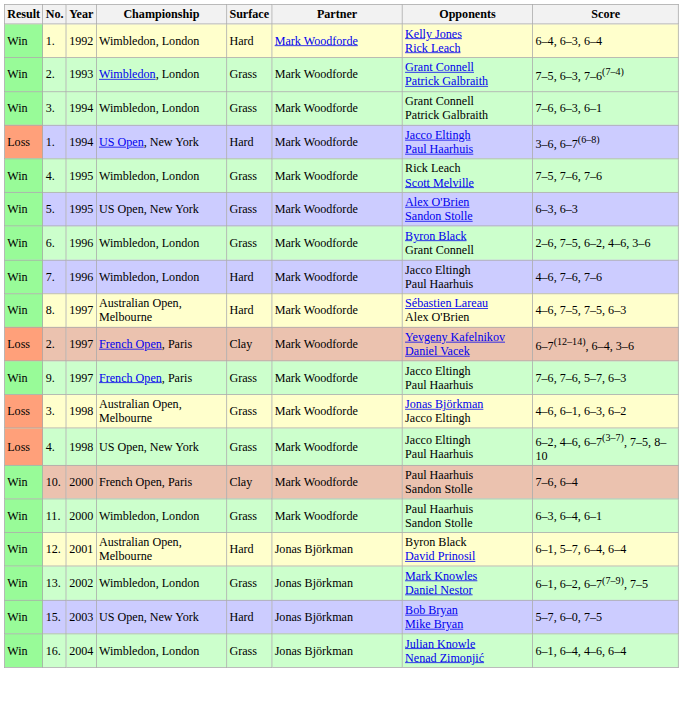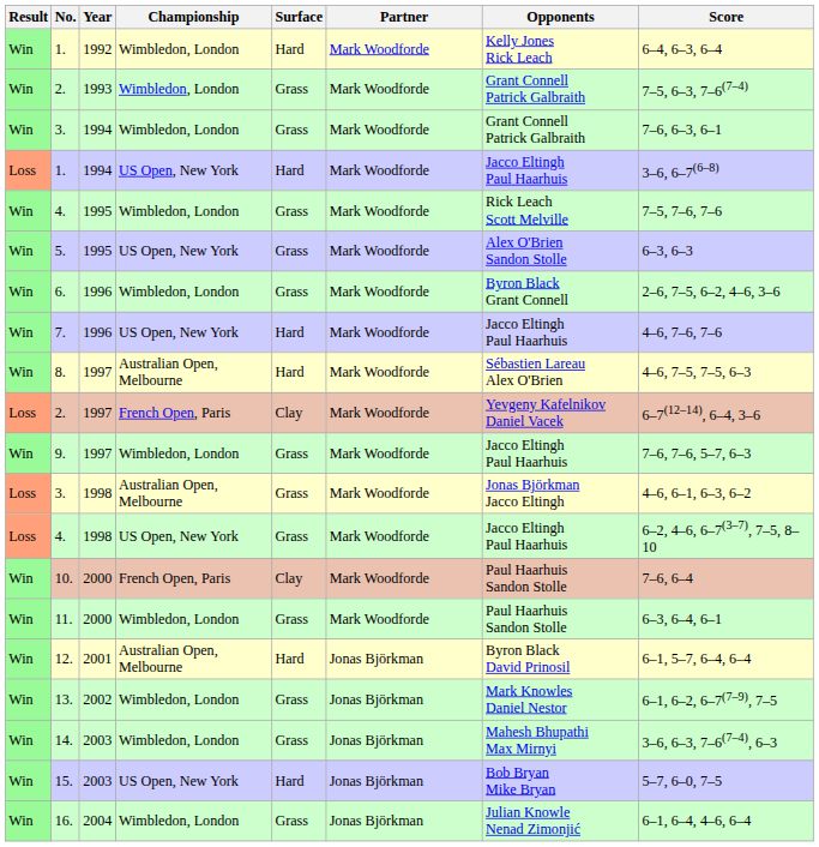 <table class="sortable wikitable" style=font-size:97%>
 <tr>
 <th>Result</th>
 <th>No.</th>
 <th>Year</th>
 <th style="width:160px">Championship</th>
 <th>Surface</th>
 <th style="width:160px">Partner</th>
 <th style="width:160px">Opponents</th>
 <th style="width:180px" class="unsortable">Score</th>
 </tr>
 <tr style="background:#ffffcc;">
 <td style="background:#98fb98;">Win</td>
 <td>1.</td>
 <td>1992</td>
 <td>Wimbledon, London</td>
 <td>Hard</td>
 <td> <a href='#'>Mark Woodforde</a></td>
 <td> <a href='#'>Kelly Jones</a><br> <a href='#'>Rick Leach</a></td>
 <td>6–4, 6–3, 6–4</td>
 </tr>
 <tr style="background:#ccffcc;">
 <td style="background:#98fb98;">Win</td>
 <td>2.</td>
 <td>1993</td>
 <td><a href='#'>Wimbledon</a>, London</td>
 <td>Grass</td>
 <td> Mark Woodforde</td>
 <td> <a href='#'>Grant Connell</a><br> <a href='#'>Patrick Galbraith</a></td>
 <td>7–5, 6–3, 7–6<sup>(7–4)</sup></td>
 </tr>
 <tr style="background:#ccffcc;">
 <td style="background:#98fb98;">Win</td>
 <td>3.</td>
 <td>1994</td>
 <td>Wimbledon, London</td>
 <td>Grass</td>
 <td> Mark Woodforde</td>
 <td> Grant Connell<br> Patrick Galbraith</td>
 <td>7–6, 6–3, 6–1</td>
 </tr>
 <tr style="background:#ccccff;">
 <td style="background:#ffa07a;">Loss</td>
 <td>1.</td>
 <td>1994</td>
 <td><a href='#'>US Open</a>, New York</td>
 <td>Hard</td>
 <td> Mark Woodforde</td>
 <td> <a href='#'>Jacco Eltingh</a><br> <a href='#'>Paul Haarhuis</a></td>
 <td>3–6, 6–7<sup>(6–8)</sup></td>
 </tr>
 <tr style="background:#ccffcc;">
 <td style="background:#98fb98;">Win</td>
 <td>4.</td>
 <td>1995</td>
 <td>Wimbledon, London</td>
 <td>Grass</td>
 <td> Mark Woodforde</td>
 <td> Rick Leach<br> <a href='#'>Scott Melville</a></td>
 <td>7–5, 7–6, 7–6</td>
 </tr>
 <tr style="background:#ccccff;">
 <td style="background:#98fb98;">Win</td>
 <td>5.</td>
 <td>1995</td>
 <td>US Open, New York</td>
 <td>Grass</td>
 <td> Mark Woodforde</td>
 <td> <a href='#'>Alex O'Brien</a><br> <a href='#'>Sandon Stolle</a></td>
 <td>6–3, 6–3</td>
 </tr>
 <tr style="background:#ccffcc;">
 <td style="background:#98fb98;">Win</td>
 <td>6.</td>
 <td>1996</td>
 <td>Wimbledon, London</td>
 <td>Grass</td>
 <td> Mark Woodforde</td>
 <td> <a href='#'>Byron Black</a><br> Grant Connell</td>
 <td>2–6, 7–5, 6–2, 4–6, 3–6</td>
 </tr>
 <tr style="background:#ccccff;">
 <td style="background:#98fb98;">Win</td>
 <td>7.</td>
 <td>1996</td>
-<td>Wimbledon, London</td>
+<td>US Open, New York</td>
 <td>Hard</td>
 <td> Mark Woodforde</td>
 <td> Jacco Eltingh<br> Paul Haarhuis</td>
 <td>4–6, 7–6, 7–6</td>
 </tr>
 <tr style="background:#ffffcc;">
 <td style="background:#98fb98;">Win</td>
 <td>8.</td>
 <td>1997</td>
 <td>Australian Open, Melbourne</td>
 <td>Hard</td>
 <td> Mark Woodforde</td>
 <td> <a href='#'>Sébastien Lareau</a><br> Alex O'Brien</td>
 <td>4–6, 7–5, 7–5, 6–3</td>
 </tr>
 <tr bgcolor=EBC2AF>
 <td style="background:#ffa07a;">Loss</td>
 <td>2.</td>
 <td>1997</td>
 <td><a href='#'>French Open</a>, Paris</td>
 <td>Clay</td>
 <td> Mark Woodforde</td>
 <td> <a href='#'>Yevgeny Kafelnikov</a><br> <a href='#'>Daniel Vacek</a></td>
 <td>6–7<sup>(12–14)</sup>, 6–4, 3–6</td>
 </tr>
 <tr style="background:#ccffcc;">
 <td style="background:#98fb98;">Win</td>
 <td>9.</td>
 <td>1997</td>
-<td><a href='#'>French Open</a>, Paris</td>
+<td>Wimbledon, London</td>
 <td>Grass</td>
 <td> Mark Woodforde</td>
 <td> Jacco Eltingh<br> Paul Haarhuis</td>
 <td>7–6, 7–6, 5–7, 6–3</td>
 </tr>
 <tr style="background:#ffffcc;">
 <td style="background:#ffa07a;">Loss</td>
 <td>3.</td>
 <td>1998</td>
 <td>Australian Open, Melbourne</td>
 <td>Grass</td>
 <td> Mark Woodforde</td>
 <td> <a href='#'>Jonas Björkman</a><br> Jacco Eltingh</td>
 <td>4–6, 6–1, 6–3, 6–2</td>
 </tr>
 <tr style="background:#ccffcc;">
 <td style="background:#ffa07a;">Loss</td>
 <td>4.</td>
 <td>1998</td>
 <td>US Open, New York</td>
 <td>Grass</td>
 <td> Mark Woodforde</td>
 <td> Jacco Eltingh<br> Paul Haarhuis</td>
 <td>6–2, 4–6, 6–7<sup>(3–7)</sup>, 7–5, 8–10</td>
 </tr>
 <tr bgcolor=EBC2AF>
 <td style="background:#98fb98;">Win</td>
 <td>10.</td>
 <td>2000</td>
 <td>French Open, Paris</td>
 <td>Clay</td>
 <td> Mark Woodforde</td>
 <td> Paul Haarhuis<br> Sandon Stolle</td>
 <td>7–6, 6–4</td>
 </tr>
 <tr style="background:#ccffcc;">
 <td style="background:#98fb98;">Win</td>
 <td>11.</td>
 <td>2000</td>
 <td>Wimbledon, London</td>
 <td>Grass</td>
 <td> Mark Woodforde</td>
 <td> Paul Haarhuis<br> Sandon Stolle</td>
 <td>6–3, 6–4, 6–1</td>
 </tr>
 <tr style="background:#ffffcc;">
 <td style="background:#98fb98;">Win</td>
 <td>12.</td>
 <td>2001</td>
 <td>Australian Open, Melbourne</td>
 <td>Hard</td>
 <td> Jonas Björkman</td>
 <td> Byron Black<br> <a href='#'>David Prinosil</a></td>
 <td>6–1, 5–7, 6–4, 6–4</td>
 </tr>
 <tr style="background:#ccffcc;">
 <td style="background:#98fb98;">Win</td>
 <td>13.</td>
 <td>2002</td>
 <td>Wimbledon, London</td>
 <td>Grass</td>
 <td> Jonas Björkman</td>
 <td> <a href='#'>Mark Knowles</a><br> <a href='#'>Daniel Nestor</a></td>
 <td>6–1, 6–2, 6–7<sup>(7–9)</sup>, 7–5</td>
 </tr>
+<tr style="background:#ccffcc;">
+<td style="background:#98fb98;">Win</td>
+<td>14.</td>
+<td>2003</td>
+<td>Wimbledon, London</td>
+<td>Grass</td>
+<td> Jonas Björkman</td>
+<td> <a href='#'>Mahesh Bhupathi</a><br> <a href='#'>Max Mirnyi</a></td>
+<td>3–6, 6–3, 7–6<sup>(7–4)</sup>, 6–3</td>
+</tr>
 <tr style="background:#ccccff;">
 <td style="background:#98fb98;">Win</td>
 <td>15.</td>
 <td>2003</td>
 <td>US Open, New York</td>
 <td>Hard</td>
 <td> Jonas Björkman</td>
 <td> <a href='#'>Bob Bryan</a><br> <a href='#'>Mike Bryan</a></td>
 <td>5–7, 6–0, 7–5</td>
 </tr>
 <tr style="background:#ccffcc;">
 <td style="background:#98fb98;">Win</td>
 <td>16.</td>
 <td>2004</td>
 <td>Wimbledon, London</td>
 <td>Grass</td>
 <td> Jonas Björkman</td>
 <td> <a href='#'>Julian Knowle</a><br> <a href='#'>Nenad Zimonjić</a></td>
 <td>6–1, 6–4, 4–6, 6–4</td>
 </tr>
 </table>
